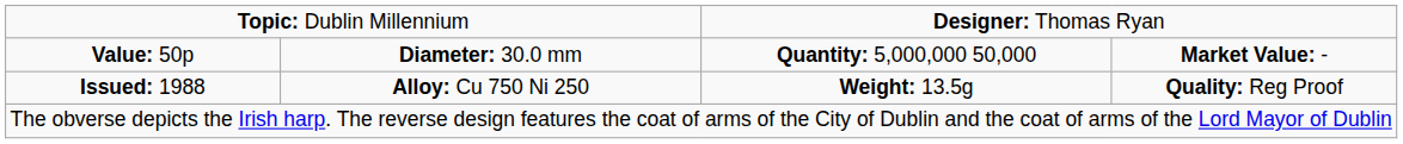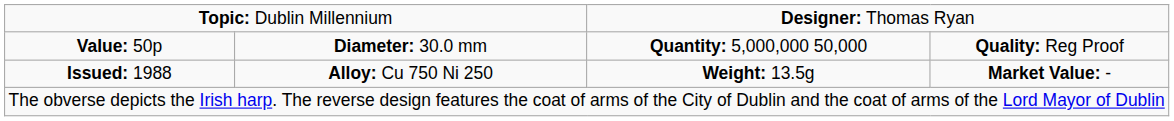 <table class="wikitable">
 <tr>
 <td colspan="2" width="50%" align=center><strong>Topic:</strong>	Dublin Millennium</td>
 <td colspan="2" width="50%" align=center><strong>Designer:</strong>	Thomas Ryan</td>
 </tr>
 <tr>
 <td align=center><strong>Value:</strong>	50p</td>
 <td align=center><strong>Diameter:</strong>	30.0 mm</td>
 <td align=center><strong>Quantity:</strong>	5,000,000	50,000</td>
-<td align=center><strong>Market Value:</strong>	-</td>
+<td align=center><strong>Quality:</strong>	Reg	Proof</td>
 </tr>
 <tr>
 <td align=center><strong>Issued:</strong>	1988</td>
 <td align=center><strong>Alloy:</strong>	Cu 750 Ni 250</td>
 <td align=center><strong>Weight:</strong>	13.5g</td>
-<td align=center><strong>Quality:</strong>	Reg	Proof</td>
+<td align=center><strong>Market Value:</strong>	-</td>
 </tr>
 <tr>
 <td colspan="5" align=left>The obverse depicts the <a href='#'>Irish harp</a>. The reverse design features the coat of arms of the City of Dublin and the coat of arms of the <a href='#'>Lord Mayor of Dublin</a></td>
 </tr>
 </table>
